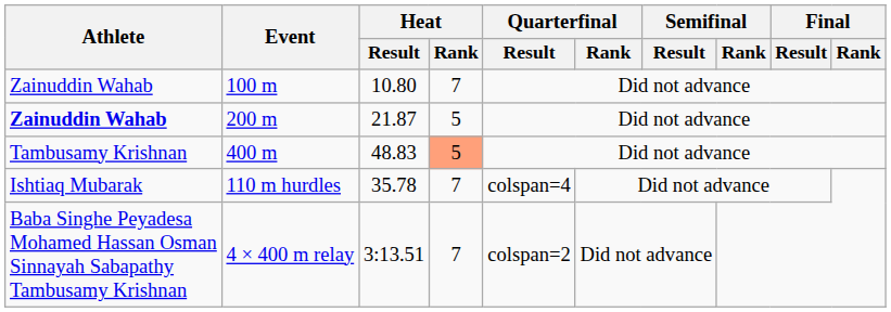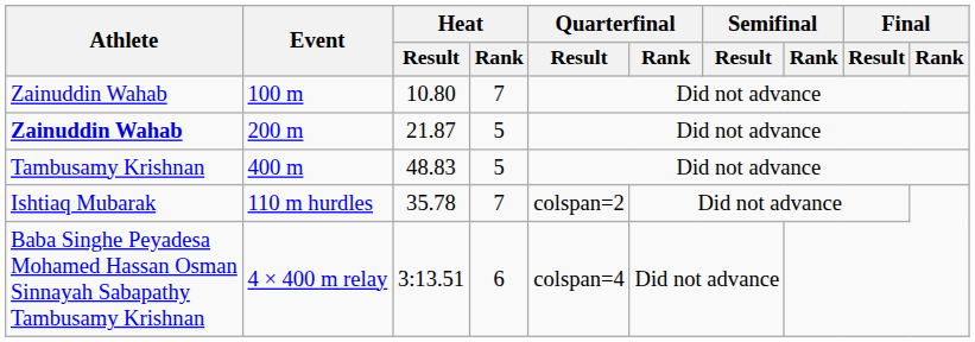 <table class="wikitable" style="font-size:90%">
 <tr>
 <th rowspan="2">Athlete</th>
 <th rowspan="2">Event</th>
 <th colspan="2">Heat</th>
 <th colspan="2">Quarterfinal</th>
 <th colspan="2">Semifinal</th>
 <th colspan="2">Final</th>
 </tr>
 <tr style="font-size:95%">
 <th>Result</th>
 <th>Rank</th>
 <th>Result</th>
 <th>Rank</th>
 <th>Result</th>
 <th>Rank</th>
 <th>Result</th>
 <th>Rank</th>
 </tr>
 <tr align=center>
 <td align=left><a href='#'>Zainuddin Wahab</a></td>
 <td align=left><a href='#'>100 m</a></td>
 <td>10.80</td>
 <td>7</td>
 <td colspan=6>Did not advance</td>
 </tr>
 <tr align=center>
 <td align=left><strong><a href='#'>Zainuddin Wahab</a></strong></td>
 <td align=left><a href='#'>200 m</a></td>
 <td>21.87</td>
 <td>5</td>
 <td colspan=6>Did not advance</td>
 </tr>
 <tr align=center>
 <td align=left><a href='#'>Tambusamy Krishnan</a></td>
 <td align=left><a href='#'>400 m</a></td>
 <td>48.83</td>
-<td style="background: lightsalmon;">5</td>
+<td>5</td>
 <td colspan=6>Did not advance</td>
 </tr>
 <tr align=center>
 <td align=left><a href='#'>Ishtiaq Mubarak</a></td>
 <td align=left><a href='#'>110 m hurdles</a></td>
 <td>35.78</td>
 <td>7</td>
-<td>colspan=4 </td>
+<td>colspan=2 </td>
 <td colspan=4>Did not advance</td>
 </tr>
 <tr align=center>
 <td align=left><a href='#'>Baba Singhe Peyadesa</a><br><a href='#'>Mohamed Hassan Osman</a><br><a href='#'>Sinnayah Sabapathy</a><br><a href='#'>Tambusamy Krishnan</a></td>
 <td align=left><a href='#'>4 × 400 m relay</a></td>
 <td>3:13.51</td>
-<td>7</td>
-<td>colspan=2 </td>
+<td>6</td>
+<td>colspan=4 </td>
 <td colspan=2>Did not advance</td>
 </tr>
 </table>
